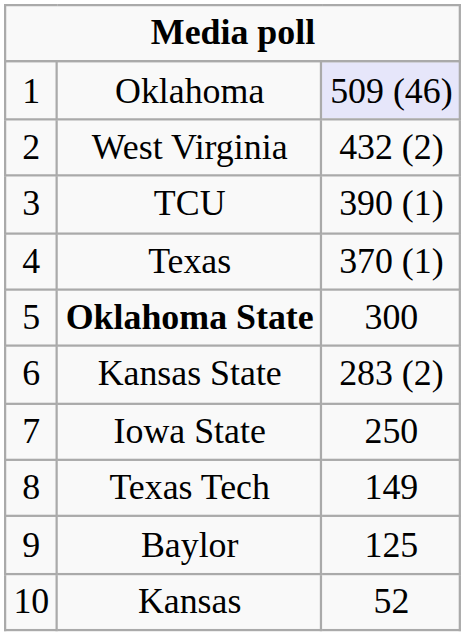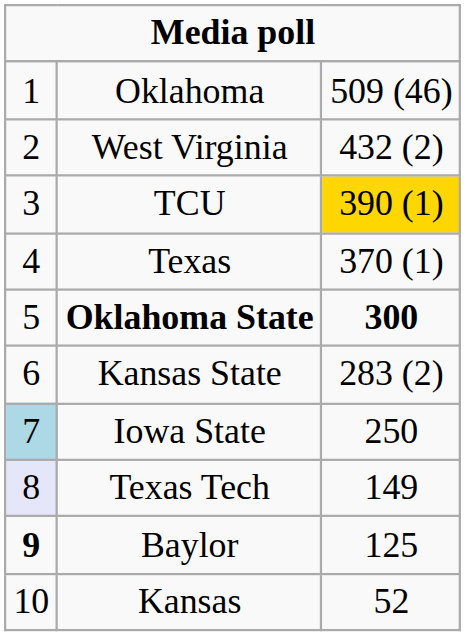 <table class="wikitable">
 <tr align="center">
 <td align="center" Colspan="3"><strong>Media poll</strong></td>
 </tr>
 <tr align="center">
 </tr>
 <tr align="center">
 <td>1</td>
 <td>Oklahoma</td>
-<td style="background: lavender;">509 (46)</td>
+<td>509 (46)</td>
 </tr>
 <tr align="center">
 <td>2</td>
 <td>West Virginia</td>
 <td>432 (2)</td>
 </tr>
 <tr align="center">
 <td>3</td>
 <td>TCU</td>
-<td>390 (1)</td>
+<td style="background: gold;">390 (1)</td>
 </tr>
 <tr align="center">
 <td>4</td>
 <td>Texas</td>
 <td>370 (1)</td>
 </tr>
 <tr align="center">
 <td>5</td>
 <td><strong>Oklahoma State</strong></td>
-<td>300</td>
+<td><strong>300</strong></td>
 </tr>
 <tr align="center">
 <td>6</td>
 <td>Kansas State</td>
 <td>283 (2)</td>
 </tr>
 <tr align="center">
-<td>7</td>
+<td style="background: lightblue;">7</td>
 <td>Iowa State</td>
 <td>250</td>
 </tr>
 <tr align="center">
-<td>8</td>
+<td style="background: lavender;">8</td>
 <td>Texas Tech</td>
 <td>149</td>
 </tr>
 <tr align="center">
-<td>9</td>
+<td><strong>9</strong></td>
 <td>Baylor</td>
 <td>125</td>
 </tr>
 <tr align="center">
 <td>10</td>
 <td>Kansas</td>
 <td>52</td>
 </tr>
 </table>
